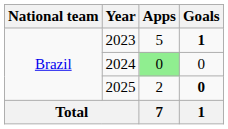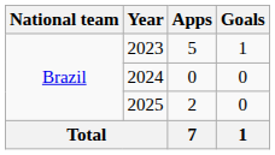 <table class="wikitable" style="text-align:center">
 <tr>
 <th>National team</th>
 <th>Year</th>
 <th>Apps</th>
 <th>Goals</th>
 </tr>
 <tr>
 <td rowspan="3"><a href='#'>Brazil</a></td>
 <td>2023</td>
 <td>5</td>
-<td><strong>1</strong></td>
+<td>1</td>
 </tr>
 <tr>
 <td>2024</td>
-<td style="background: lightgreen;">0</td>
+<td>0</td>
 <td>0</td>
 </tr>
 <tr>
 <td>2025</td>
 <td>2</td>
-<td><strong>0</strong></td>
+<td>0</td>
 </tr>
 <tr>
 <th colspan="2">Total</th>
 <th>7</th>
 <th>1</th>
 </tr>
 </table>
